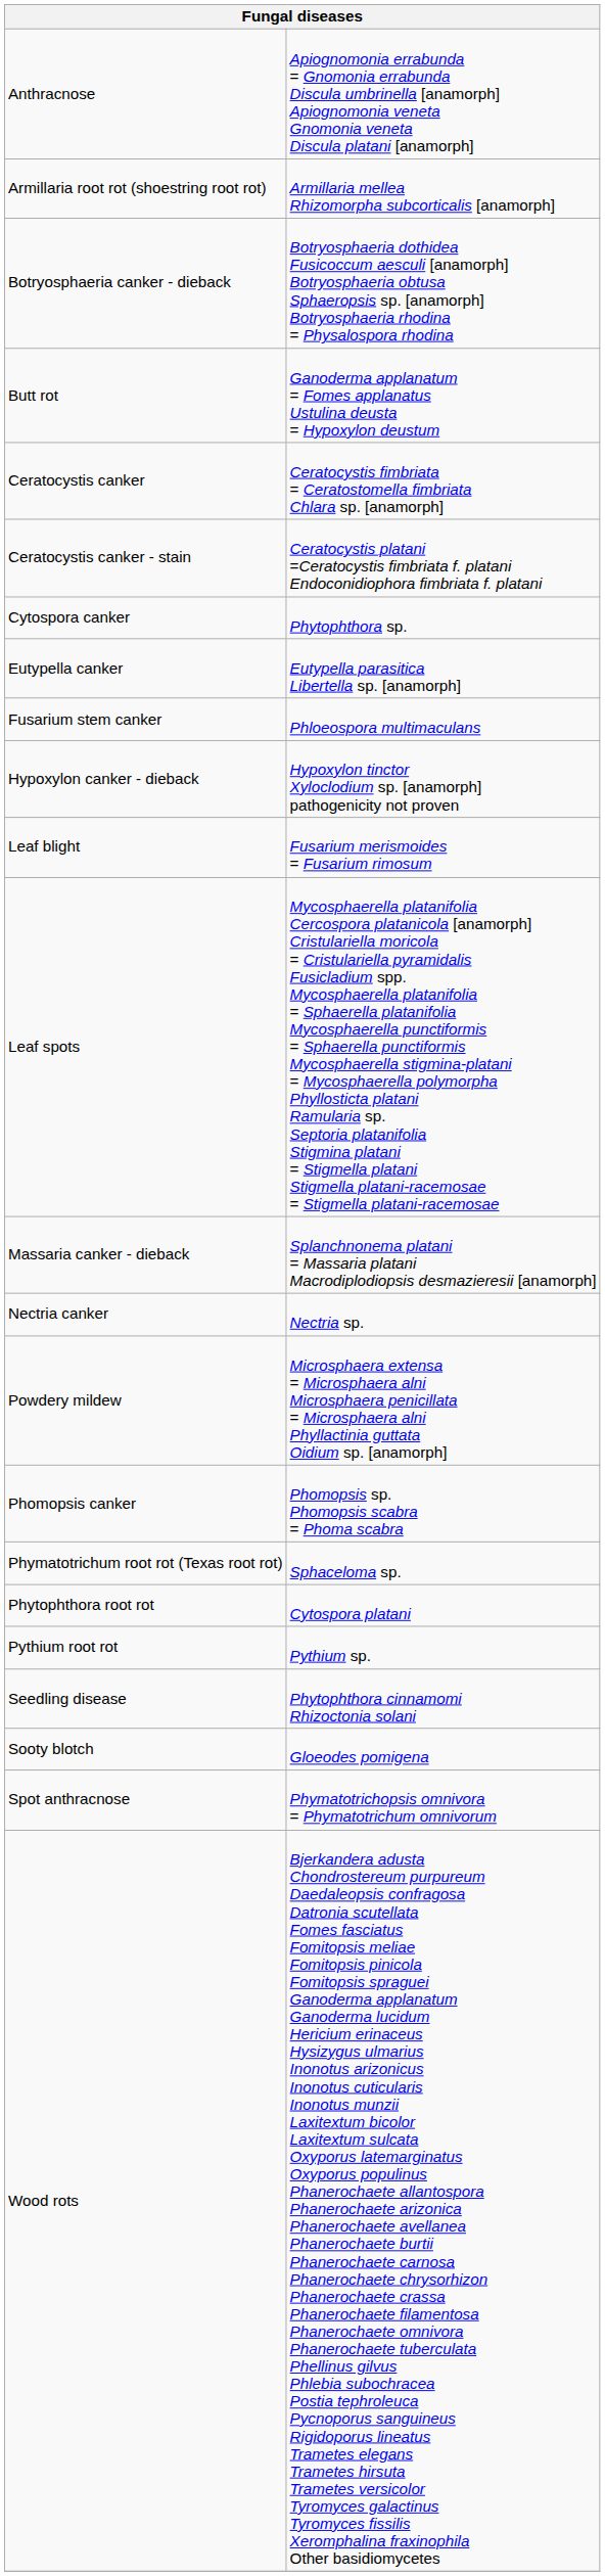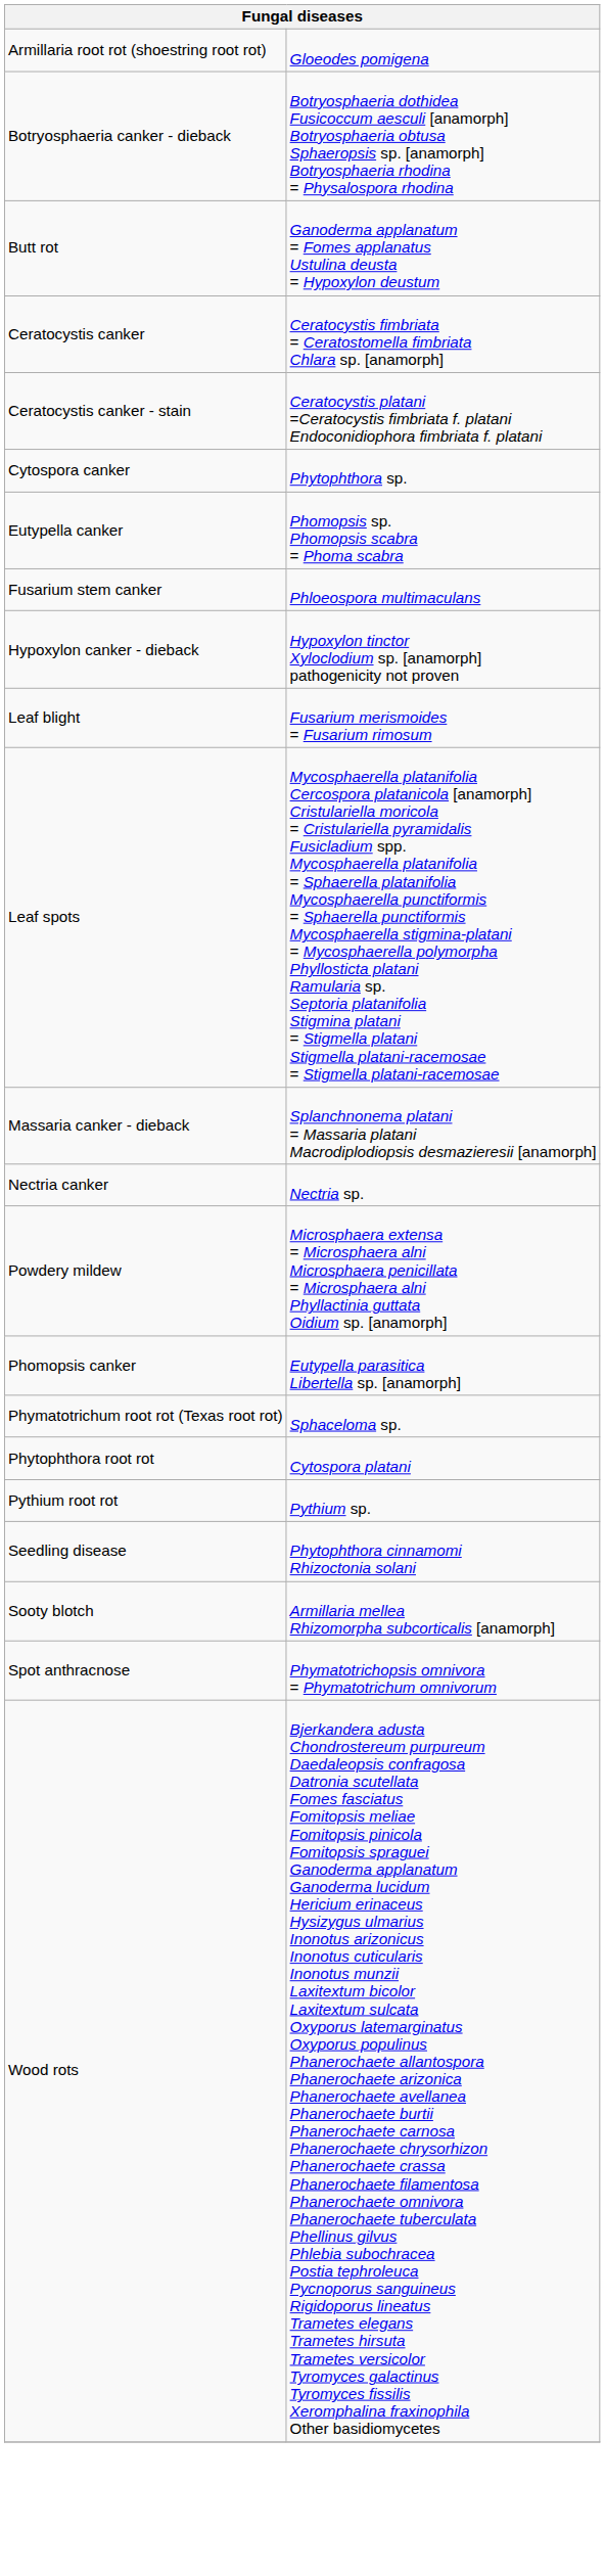 <table class="wikitable" style="clear">
 <tr>
 <th colspan=2><strong>Fungal diseases</strong></th>
 </tr>
 <tr>
-<td>Anthracnose</td>
-<td><br><em><a href='#'>Apiognomonia errabunda</a></em> <br> = <em><a href='#'>Gnomonia errabunda</a></em><br> <em><a href='#'>Discula umbrinella</a></em> [anamorph]<br> <em><a href='#'>Apiognomonia veneta</a></em> <br> <em><a href='#'>Gnomonia veneta</a></em><br> <em><a href='#'>Discula platani</a></em> [anamorph]</td>
-</tr>
-<tr>
 <td>Armillaria root rot (shoestring root rot)</td>
-<td><br><em><a href='#'>Armillaria mellea</a></em><br> <em><a href='#'>Rhizomorpha subcorticalis</a></em> [anamorph]</td>
+<td><br><em><a href='#'>Gloeodes pomigena</a></em></td>
 </tr>
 <tr>
 <td>Botryosphaeria canker - dieback</td>
 <td><br><em><a href='#'>Botryosphaeria dothidea</a></em><br> <em><a href='#'>Fusicoccum aesculi</a></em> [anamorph]<br> <em><a href='#'>Botryosphaeria obtusa</a></em><br> <em><a href='#'>Sphaeropsis</a></em> sp. [anamorph]<br> <em><a href='#'>Botryosphaeria rhodina</a></em> <br> = <em><a href='#'>Physalospora rhodina</a></em></td>
 </tr>
 <tr>
 <td>Butt rot</td>
 <td><br><em><a href='#'>Ganoderma applanatum</a></em> <br> = <em><a href='#'>Fomes applanatus</a></em><br> <em><a href='#'>Ustulina deusta</a></em> <br> = <em><a href='#'>Hypoxylon deustum</a></em></td>
 </tr>
 <tr>
 <td>Ceratocystis canker</td>
 <td><br><em><a href='#'>Ceratocystis fimbriata</a></em> <br> = <em><a href='#'>Ceratostomella fimbriata</a></em><br> <em><a href='#'>Chlara</a></em> sp. [anamorph]</td>
 </tr>
 <tr>
 <td>Ceratocystis canker - stain</td>
 <td><br><em><a href='#'>Ceratocystis platani</a></em> <br> =<em>Ceratocystis fimbriata f. platani</em><br> <em>Endoconidiophora fimbriata f. platani</em></td>
 </tr>
 <tr>
 <td>Cytospora canker</td>
 <td><br><em><a href='#'>Phytophthora</a></em> sp.</td>
 </tr>
 <tr>
 <td>Eutypella canker</td>
-<td><br><em><a href='#'>Eutypella parasitica</a></em><br> <em><a href='#'>Libertella</a></em> sp. [anamorph]</td>
+<td><br><em><a href='#'>Phomopsis</a></em> sp. <br> <em><a href='#'>Phomopsis scabra</a></em> <br>= <em><a href='#'>Phoma scabra</a></em></td>
 </tr>
 <tr>
 <td>Fusarium stem canker</td>
 <td><br><em><a href='#'>Phloeospora multimaculans</a></em></td>
 </tr>
 <tr>
 <td>Hypoxylon canker - dieback</td>
 <td><br><em><a href='#'>Hypoxylon tinctor</a></em><br> <em><a href='#'>Xyloclodium</a></em> sp. [anamorph]<br> pathogenicity not proven</td>
 </tr>
 <tr>
 <td>Leaf blight</td>
 <td><br><em><a href='#'>Fusarium merismoides</a></em> <br>= <em><a href='#'>Fusarium rimosum</a></em></td>
 </tr>
 <tr>
 <td>Leaf spots</td>
 <td><br><em><a href='#'>Mycosphaerella platanifolia</a></em><br> <em><a href='#'>Cercospora platanicola</a></em> [anamorph]<br> <em><a href='#'>Cristulariella moricola</a></em> <br>= <em><a href='#'>Cristulariella pyramidalis</a></em><br> <em><a href='#'>Fusicladium</a></em> spp. <br> <em><a href='#'>Mycosphaerella platanifolia</a></em> <br>= <em><a href='#'>Sphaerella platanifolia</a></em><br> <em><a href='#'>Mycosphaerella punctiformis</a></em> <br>= <em><a href='#'>Sphaerella punctiformis</a></em><br> <em><a href='#'>Mycosphaerella stigmina-platani</a></em> <br>= <em><a href='#'>Mycosphaerella polymorpha</a></em><br> <em><a href='#'>Phyllosticta platani</a></em><br> <em><a href='#'>Ramularia</a></em> sp. <br> <em><a href='#'>Septoria platanifolia</a></em><br> <em><a href='#'>Stigmina platani</a></em> <br>= <em><a href='#'>Stigmella platani</a></em><br> <em><a href='#'>Stigmella platani-racemosae</a></em> <br>= <em><a href='#'>Stigmella platani-racemosae</a></em></td>
 </tr>
 <tr>
 <td>Massaria canker - dieback</td>
 <td><br><em><a href='#'>Splanchnonema platani</a></em> <br>= <em>Massaria platani</em><br> <em>Macrodiplodiopsis desmazieresii</em> [anamorph]</td>
 </tr>
 <tr>
 <td>Nectria canker</td>
 <td><br><em><a href='#'>Nectria</a></em> sp.</td>
 </tr>
 <tr>
 <td>Powdery mildew</td>
 <td><br><em><a href='#'>Microsphaera extensa</a></em> <br>= <em><a href='#'>Microsphaera alni</a></em><br> <em><a href='#'>Microsphaera penicillata</a></em> <br>= <em><a href='#'>Microsphaera alni</a></em><br> <em><a href='#'>Phyllactinia guttata</a></em><br> <em><a href='#'>Oidium</a></em> sp. [anamorph]</td>
 </tr>
 <tr>
 <td>Phomopsis canker</td>
-<td><br><em><a href='#'>Phomopsis</a></em> sp. <br> <em><a href='#'>Phomopsis scabra</a></em> <br>= <em><a href='#'>Phoma scabra</a></em></td>
+<td><br><em><a href='#'>Eutypella parasitica</a></em><br> <em><a href='#'>Libertella</a></em> sp. [anamorph]</td>
 </tr>
 <tr>
 <td>Phymatotrichum root rot (Texas root rot)</td>
 <td><br><em><a href='#'>Sphaceloma</a></em> sp.</td>
 </tr>
 <tr>
 <td>Phytophthora root rot</td>
 <td><br><em><a href='#'>Cytospora platani</a></em></td>
 </tr>
 <tr>
 <td>Pythium root rot</td>
 <td><br><em><a href='#'>Pythium</a></em> sp.</td>
 </tr>
 <tr>
 <td>Seedling disease</td>
 <td><br><em><a href='#'>Phytophthora cinnamomi</a></em><br> <em><a href='#'>Rhizoctonia solani</a></em></td>
 </tr>
 <tr>
 <td>Sooty blotch</td>
-<td><br><em><a href='#'>Gloeodes pomigena</a></em></td>
+<td><br><em><a href='#'>Armillaria mellea</a></em><br> <em><a href='#'>Rhizomorpha subcorticalis</a></em> [anamorph]</td>
 </tr>
 <tr>
 <td>Spot anthracnose</td>
 <td><br><em><a href='#'>Phymatotrichopsis omnivora</a></em> <br>= <em><a href='#'>Phymatotrichum omnivorum</a></em></td>
 </tr>
 <tr>
 <td>Wood rots</td>
 <td><br><em><a href='#'>Bjerkandera adusta</a></em><br> <em><a href='#'>Chondrostereum purpureum</a></em><br> <em><a href='#'>Daedaleopsis confragosa</a></em><br> <em><a href='#'>Datronia scutellata</a></em><br> <em><a href='#'>Fomes fasciatus</a></em><br> <em><a href='#'>Fomitopsis meliae</a></em><br> <em><a href='#'>Fomitopsis pinicola</a></em><br> <em><a href='#'>Fomitopsis spraguei</a></em><br> <em><a href='#'>Ganoderma applanatum</a></em><br> <em><a href='#'>Ganoderma lucidum</a></em><br> <em><a href='#'>Hericium erinaceus</a></em><br> <em><a href='#'>Hysizygus ulmarius</a></em><br> <em><a href='#'>Inonotus arizonicus</a></em><br> <em><a href='#'>Inonotus cuticularis</a></em><br> <em><a href='#'>Inonotus munzii</a></em><br> <em><a href='#'>Laxitextum bicolor</a></em><br> <em><a href='#'>Laxitextum sulcata</a></em><br> <em><a href='#'>Oxyporus latemarginatus</a></em><br> <em><a href='#'>Oxyporus populinus</a></em><br> <em><a href='#'>Phanerochaete allantospora</a></em><br> <em><a href='#'>Phanerochaete arizonica</a></em><br> <em><a href='#'>Phanerochaete avellanea</a></em><br> <em><a href='#'>Phanerochaete burtii</a></em><br> <em><a href='#'>Phanerochaete carnosa</a></em><br> <em><a href='#'>Phanerochaete chrysorhizon</a></em><br> <em><a href='#'>Phanerochaete crassa</a></em><br> <em><a href='#'>Phanerochaete filamentosa</a></em><br> <em><a href='#'>Phanerochaete omnivora</a></em><br> <em><a href='#'>Phanerochaete tuberculata</a></em><br> <em><a href='#'>Phellinus gilvus</a></em><br> <em><a href='#'>Phlebia subochracea</a></em><br> <em><a href='#'>Postia tephroleuca</a></em><br> <em><a href='#'>Pycnoporus sanguineus</a></em><br> <em><a href='#'>Rigidoporus lineatus</a></em><br> <em><a href='#'>Trametes elegans</a></em><br> <em><a href='#'>Trametes hirsuta</a></em><br> <em><a href='#'>Trametes versicolor</a></em><br> <em><a href='#'>Tyromyces galactinus</a></em><br> <em><a href='#'>Tyromyces fissilis</a></em><br> <em><a href='#'>Xeromphalina fraxinophila</a></em><br> Other basidiomycetes</td>
 </tr>
 <tr>
 </tr>
 </table>
